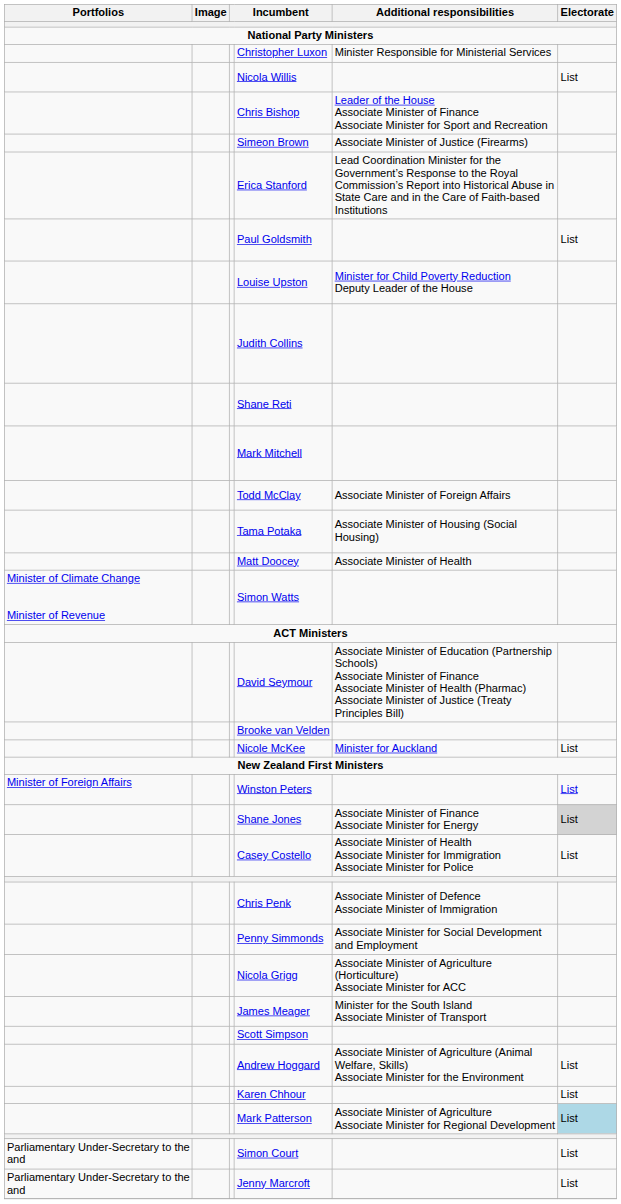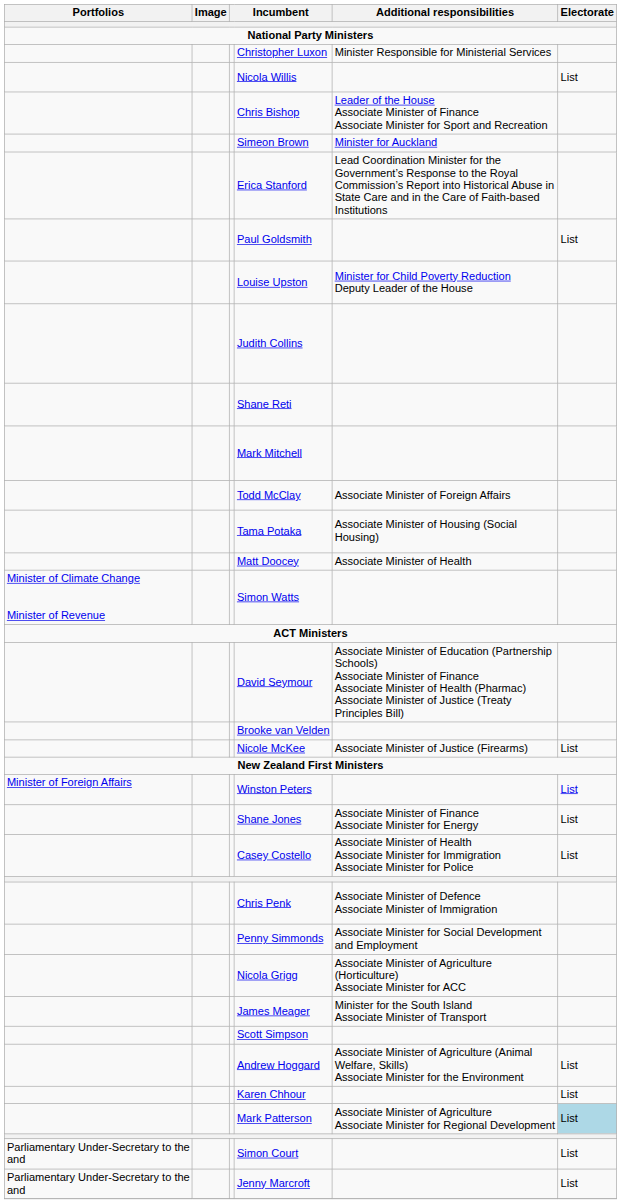 <table class="wikitable" | Party key>
 <tr>
 <th>Portfolios</th>
 <th>Image</th>
 <th colspan="2">Incumbent</th>
 <th style=width:20em>Additional responsibilities</th>
 <th>Electorate</th>
 </tr>
 <tr>
 <th colspan="7"></th>
 </tr>
 <tr>
 <td style="text-align: center;" colspan="7"><strong>National Party Ministers</strong></td>
 </tr>
 <tr>
 <td><br></td>
 <td style="text-align:center"></td>
 <td bgcolor=></td>
 <td><a href='#'>Christopher Luxon</a></td>
 <td>Minister Responsible for Ministerial Services</td>
 <td></td>
 </tr>
 <tr>
 <td><br><br></td>
 <td style="text-align:center"></td>
 <td bgcolor=></td>
 <td><a href='#'>Nicola Willis</a></td>
 <td></td>
 <td>List</td>
 </tr>
 <tr>
 <td><br><br><br></td>
 <td style="text-align:center"></td>
 <td bgcolor=></td>
 <td><a href='#'>Chris Bishop</a></td>
 <td><a href='#'>Leader of the House</a><br>Associate Minister of Finance<br>Associate Minister for Sport and Recreation</td>
 <td></td>
 </tr>
 <tr>
 <td><br></td>
 <td style="text-align:center"></td>
 <td></td>
 <td><a href='#'>Simeon Brown</a></td>
-<td>Associate Minister of Justice (Firearms)</td>
+<td><a href='#'>Minister for Auckland</a></td>
 <td></td>
 </tr>
 <tr>
 <td><br></td>
 <td style="text-align:center"></td>
 <td></td>
 <td><a href='#'>Erica Stanford</a></td>
 <td>Lead Coordination Minister for the Government’s Response to the Royal Commission’s Report into Historical Abuse in State Care and in the Care of Faith-based Institutions</td>
 <td></td>
 </tr>
 <tr>
 <td><br><br><br></td>
 <td style="text-align:center"></td>
 <td></td>
 <td><a href='#'>Paul Goldsmith</a></td>
 <td></td>
 <td>List</td>
 </tr>
 <tr>
 <td><br><br><br></td>
 <td style="text-align:center"></td>
 <td></td>
 <td><a href='#'>Louise Upston</a></td>
 <td><a href='#'>Minister for Child Poverty Reduction</a><br>Deputy Leader of the House</td>
 <td></td>
 </tr>
 <tr>
 <td><br><br><br><br><br><br></td>
 <td style="text-align:center"></td>
 <td></td>
 <td><a href='#'>Judith Collins</a></td>
 <td></td>
 <td></td>
 </tr>
 <tr>
 <td><br><br><br></td>
 <td style="text-align:center"></td>
 <td></td>
 <td><a href='#'>Shane Reti</a></td>
 <td></td>
 <td></td>
 </tr>
 <tr>
 <td><br><br><br><br></td>
 <td style="text-align:center"></td>
 <td></td>
 <td><a href='#'>Mark Mitchell</a></td>
 <td></td>
 <td></td>
 </tr>
 <tr>
 <td><br><br></td>
 <td style="text-align:center"></td>
 <td></td>
 <td><a href='#'>Todd McClay</a></td>
 <td>Associate Minister of Foreign Affairs</td>
 <td></td>
 </tr>
 <tr>
 <td><br><br><br></td>
 <td style="text-align:center"></td>
 <td></td>
 <td><a href='#'>Tama Potaka</a></td>
 <td>Associate Minister of Housing (Social Housing)</td>
 <td></td>
 </tr>
 <tr>
 <td></td>
 <td style="text-align:center"></td>
 <td></td>
 <td><a href='#'>Matt Doocey</a></td>
 <td>Associate Minister of Health</td>
 <td></td>
 </tr>
 <tr>
 <td><a href='#'>Minister of Climate Change</a><br><br><br><a href='#'>Minister of Revenue</a></td>
 <td style="text-align:center"></td>
 <td bgcolor=></td>
 <td><a href='#'>Simon Watts</a></td>
 <td></td>
 <td></td>
 </tr>
 <tr>
 <td style="text-align: center;" colspan="7"><strong>ACT Ministers</strong></td>
 </tr>
 <tr>
 <td><br></td>
 <td style="text-align:center"></td>
 <td bgcolor=></td>
 <td><a href='#'>David Seymour</a></td>
 <td>Associate Minister of Education (Partnership Schools)<br>Associate Minister of Finance<br>Associate Minister of Health (Pharmac)<br>Associate Minister of Justice (Treaty Principles Bill)</td>
 <td></td>
 </tr>
 <tr>
 <td><br></td>
 <td style="text-align:center"></td>
 <td></td>
 <td><a href='#'>Brooke van Velden</a></td>
 <td></td>
 <td></td>
 </tr>
 <tr>
 <td></td>
 <td style="text-align:center"></td>
 <td></td>
 <td><a href='#'>Nicole McKee</a></td>
-<td><a href='#'>Minister for Auckland</a></td>
+<td>Associate Minister of Justice (Firearms)</td>
 <td>List</td>
 </tr>
 <tr>
 <td style="text-align: center;" colspan="7"><strong>New Zealand First Ministers</strong></td>
 </tr>
 <tr>
 <td {{nowrap><a href='#'>Minister of Foreign Affairs</a><br><br></td>
 <td style="text-align:center"></td>
 <td bgcolor=></td>
 <td><a href='#'>Winston Peters</a></td>
 <td></td>
 <td><a href='#'>List</a></td>
 </tr>
 <tr>
 <td><br><br></td>
 <td style="text-align:center"></td>
 <td></td>
 <td><a href='#'>Shane Jones</a></td>
 <td>Associate Minister of Finance<br>Associate Minister for Energy</td>
-<td style="background: lightgrey;">List</td>
+<td>List</td>
 </tr>
 <tr>
 <td><br></td>
 <td style="text-align:center"></td>
 <td></td>
 <td><a href='#'>Casey Costello</a></td>
 <td>Associate Minister of Health<br>Associate Minister for Immigration<br>Associate Minister for Police</td>
 <td>List</td>
 </tr>
 <tr>
 <th colspan="7"></th>
 </tr>
 <tr>
 <td><br><br><br></td>
 <td style="text-align:center"></td>
 <td bgcolor=></td>
 <td><a href='#'>Chris Penk</a></td>
 <td>Associate Minister of Defence<br>Associate Minister of Immigration</td>
 <td></td>
 </tr>
 <tr>
 <td><br></td>
 <td style="text-align:center"></td>
 <td bgcolor=></td>
 <td><a href='#'>Penny Simmonds</a></td>
 <td>Associate Minister for Social Development and Employment</td>
 <td></td>
 </tr>
 <tr>
 <td><br></td>
 <td style="text-align:center"></td>
 <td></td>
 <td><a href='#'>Nicola Grigg</a></td>
 <td>Associate Minister of Agriculture (Horticulture)<br>Associate Minister for ACC</td>
 <td></td>
 </tr>
 <tr>
 <td><br></td>
 <td style="text-align:center"></td>
 <td></td>
 <td><a href='#'>James Meager</a></td>
 <td>Minister for the South Island<br>Associate Minister of Transport</td>
 <td></td>
 </tr>
 <tr>
 <td><br></td>
 <td style="text-align:center"></td>
 <td></td>
 <td><a href='#'>Scott Simpson</a></td>
 <td></td>
 <td></td>
 </tr>
 <tr>
 <td><br></td>
 <td style="text-align:center"></td>
 <td></td>
 <td><a href='#'>Andrew Hoggard</a></td>
 <td>Associate Minister of Agriculture (Animal Welfare, Skills)<br>Associate Minister for the Environment</td>
 <td>List</td>
 </tr>
 <tr>
 <td><br></td>
 <td style="text-align:center"></td>
 <td></td>
 <td><a href='#'>Karen Chhour</a></td>
 <td></td>
 <td>List</td>
 </tr>
 <tr>
 <td></td>
 <td style="text-align:center"></td>
 <td></td>
 <td><a href='#'>Mark Patterson</a></td>
 <td>Associate Minister of Agriculture<br>Associate Minister for Regional Development</td>
 <td style="background: lightblue;">List</td>
 </tr>
 <tr>
 <th colspan="7"></th>
 </tr>
 <tr>
 <td>Parliamentary Under-Secretary to the<br> and </td>
 <td style="text-align:center"></td>
 <td bgcolor=></td>
 <td><a href='#'>Simon Court</a></td>
 <td></td>
 <td>List</td>
 </tr>
 <tr>
 <td>Parliamentary Under-Secretary to the<br> and </td>
 <td style="text-align:center"></td>
 <td bgcolor=></td>
 <td><a href='#'>Jenny Marcroft</a></td>
 <td></td>
 <td>List</td>
 </tr>
 <tr>
 </tr>
 </table>
